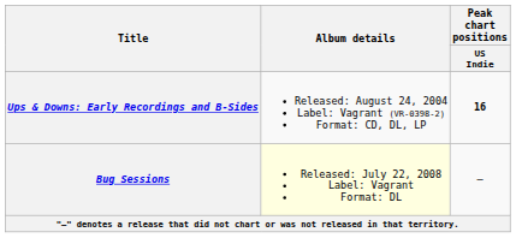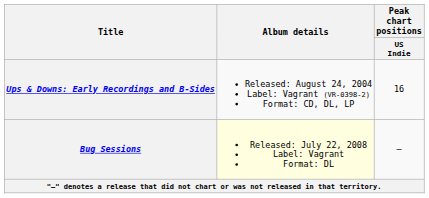 <table class="wikitable plainrowheaders" style="text-align:center;">
 <tr>
 <th scope="col" rowspan="2">Title</th>
 <th scope="col" rowspan="2">Album details</th>
 <th scope="col" colspan="1">Peak chart positions</th>
 </tr>
 <tr>
 <th scope="col" style="width:2.5em;font-size:90%;">US<br> Indie<br></th>
 </tr>
 <tr>
 <th scope="row"><strong><em><a href='#'>Ups & Downs: Early Recordings and B-Sides</a></em></strong></th>
 <td><br><ul><li>Released: August 24, 2004</li><li>Label: Vagrant <small>(VR-0398-2)</small></li><li>Format: CD, DL, LP</li></ul></td>
-<td style="text-align:center;"><strong>16</strong></td>
+<td style="text-align:center;">16</td>
 </tr>
 <tr>
 <th scope="row"><strong><em><a href='#'>Bug Sessions</a></em></strong></th>
 <td style="background: lightyellow;"><br><ul><li>Released: July 22, 2008</li><li>Label: Vagrant</li><li>Format: DL</li></ul></td>
 <td style="text-align:center;">—</td>
 </tr>
 <tr>
 <th colspan="9"><small>"—" denotes a release that did not chart or was not released in that territory.</small></th>
 </tr>
 </table>
